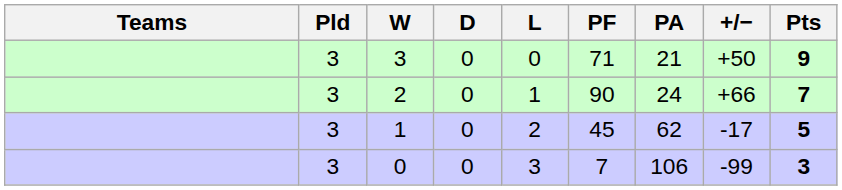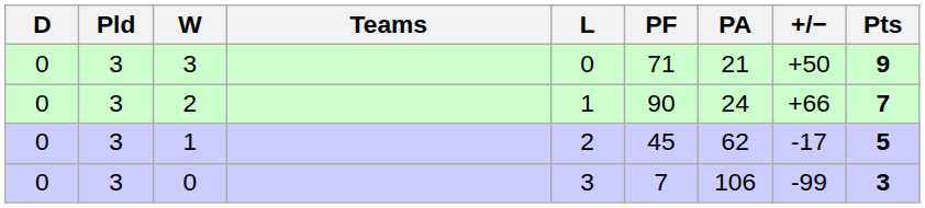 <table class="wikitable" style="text-align: center;">
 <tr>
-<th width="200">Teams</th>
+<th width="40">D</th>
 <th width="40">Pld</th>
 <th width="40">W</th>
-<th width="40">D</th>
+<th width="200">Teams</th>
 <th width="40">L</th>
 <th width="40">PF</th>
 <th width="40">PA</th>
 <th width="40">+/−</th>
 <th width="40">Pts</th>
 </tr>
 <tr style="background:#ccffcc">
-<td align=left></td>
+<td>0</td>
 <td>3</td>
 <td>3</td>
-<td>0</td>
+<td align=left></td>
 <td>0</td>
 <td>71</td>
 <td>21</td>
 <td>+50</td>
 <td><strong>9</strong></td>
 </tr>
 <tr style="background:#ccffcc">
-<td align=left></td>
+<td>0</td>
 <td>3</td>
 <td>2</td>
-<td>0</td>
+<td align=left></td>
 <td>1</td>
 <td>90</td>
 <td>24</td>
 <td>+66</td>
 <td><strong>7</strong></td>
 </tr>
 <tr style="background:#ccccff">
-<td align=left></td>
+<td>0</td>
 <td>3</td>
 <td>1</td>
-<td>0</td>
+<td align=left></td>
 <td>2</td>
 <td>45</td>
 <td>62</td>
 <td>-17</td>
 <td><strong>5</strong></td>
 </tr>
 <tr style="background:#ccccff">
-<td align=left></td>
+<td>0</td>
 <td>3</td>
 <td>0</td>
-<td>0</td>
+<td align=left></td>
 <td>3</td>
 <td>7</td>
 <td>106</td>
 <td>-99</td>
 <td><strong>3</strong></td>
 </tr>
 </table>
